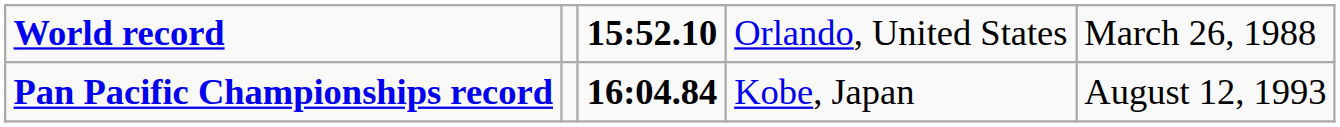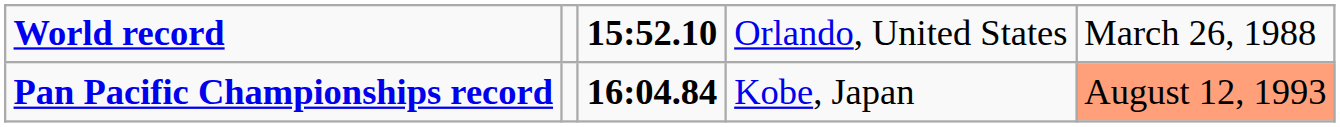 <table class="wikitable">
 <tr>
 <td><strong><a href='#'>World record</a></strong></td>
 <td></td>
 <td><strong>15:52.10</strong></td>
 <td><a href='#'>Orlando</a>, United States</td>
 <td>March 26, 1988</td>
 </tr>
 <tr>
 <td><strong><a href='#'>Pan Pacific Championships record</a></strong></td>
 <td></td>
 <td><strong>16:04.84</strong></td>
 <td><a href='#'>Kobe</a>, Japan</td>
-<td>August 12, 1993</td>
+<td style="background: lightsalmon;">August 12, 1993</td>
 </tr>
 </table>
